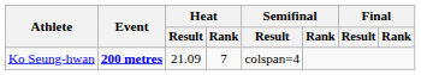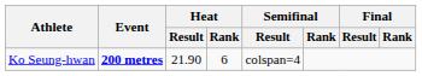 <table class="wikitable" style="font-size:90%">
 <tr>
 <th rowspan="2">Athlete</th>
 <th rowspan="2">Event</th>
 <th colspan="2">Heat</th>
 <th colspan="2">Semifinal</th>
 <th colspan="2">Final</th>
 </tr>
 <tr style="font-size:95%">
 <th>Result</th>
 <th>Rank</th>
 <th>Result</th>
 <th>Rank</th>
 <th>Result</th>
 <th>Rank</th>
 </tr>
 <tr align=center>
 <td align=left><a href='#'>Ko Seung-hwan</a></td>
 <td align=left><strong><a href='#'>200 metres</a></strong></td>
-<td>21.09</td>
-<td>7</td>
+<td>21.90</td>
+<td>6</td>
 <td>colspan=4 </td>
 </tr>
 </table>
